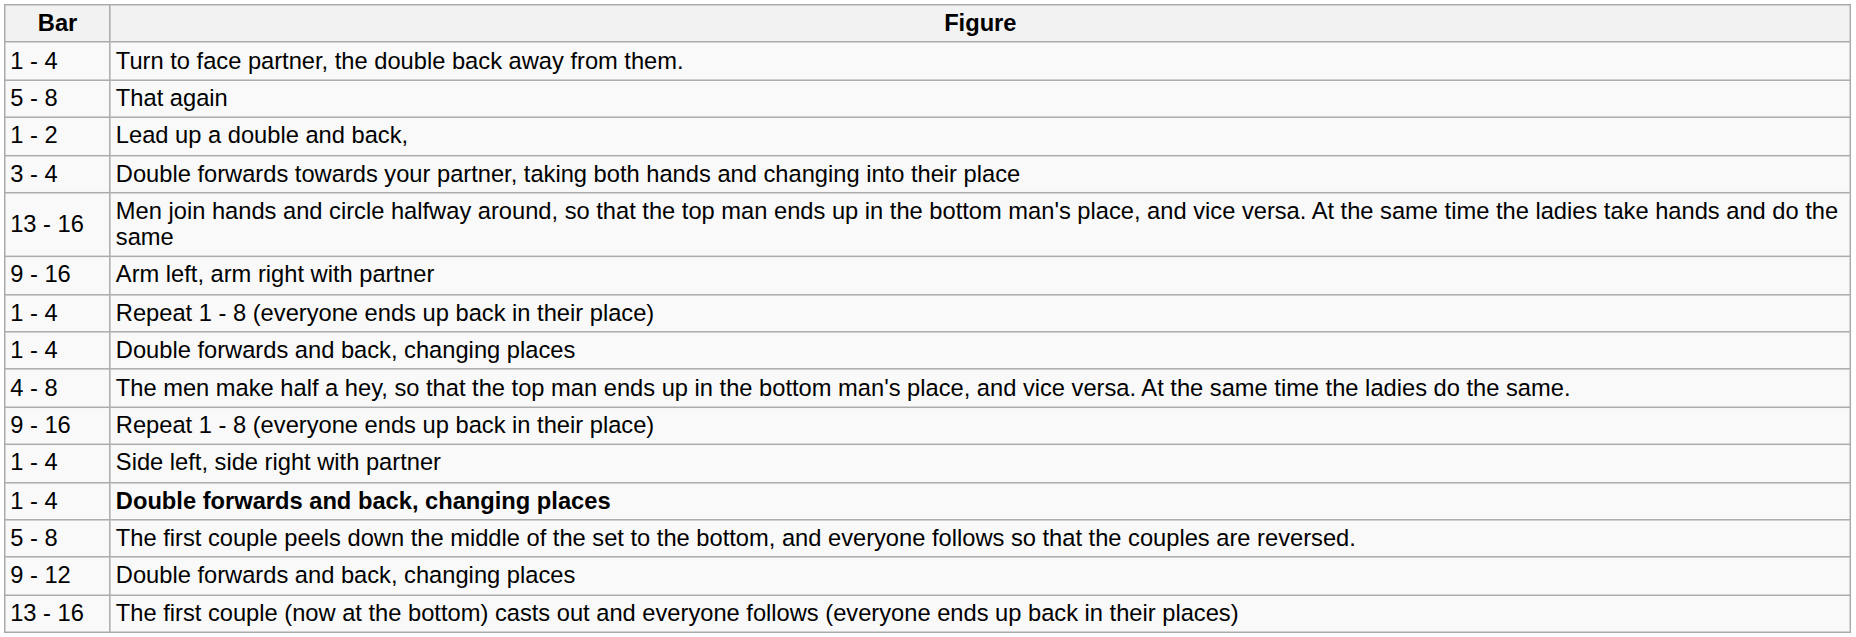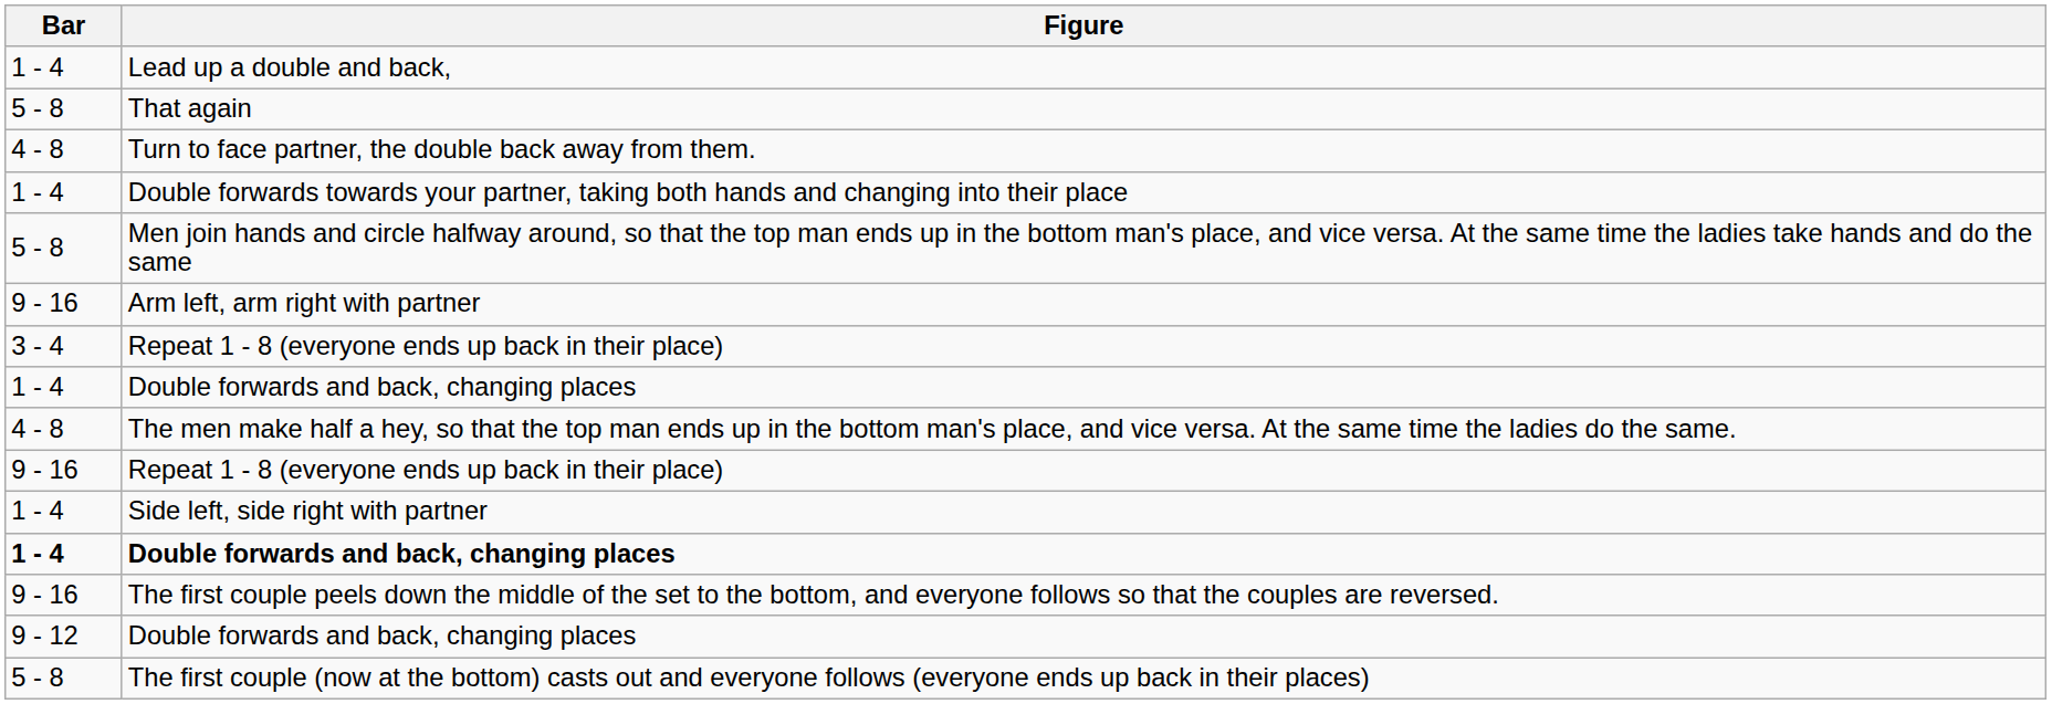 <table class="wikitable">
 <tr>
 <th scope="col" style="width: 4em;">Bar</th>
 <th>Figure</th>
 </tr>
 <tr>
 <td>1 - 4</td>
-<td>Turn to face partner, the double back away from them.</td>
+<td>Lead up a double and back,</td>
 </tr>
 <tr>
 <td>5 - 8</td>
 <td>That again</td>
 </tr>
 <tr>
-<td>1 - 2</td>
-<td>Lead up a double and back,</td>
+<td>4 - 8</td>
+<td>Turn to face partner, the double back away from them.</td>
 </tr>
 <tr>
-<td>3 - 4</td>
+<td>1 - 4</td>
 <td>Double forwards towards your partner, taking both hands and changing into their place</td>
 </tr>
 <tr>
-<td>13 - 16</td>
+<td>5 - 8</td>
 <td>Men join hands and circle halfway around, so that the  top man ends up in the bottom man's place, and vice versa. At the same time the ladies take hands and do the same</td>
 </tr>
 <tr>
 <td>9 - 16</td>
 <td>Arm left, arm right with partner</td>
 </tr>
 <tr>
-<td>1 - 4</td>
+<td>3 - 4</td>
 <td>Repeat 1 - 8 (everyone ends up back in their place)</td>
 </tr>
 <tr>
 <td>1 - 4</td>
 <td>Double forwards and back, changing places</td>
 </tr>
 <tr>
 <td>4 - 8</td>
 <td>The men make half a hey, so that the top man ends up in the bottom man's place, and vice versa. At the same time the ladies do the same.</td>
 </tr>
 <tr>
 <td>9 - 16</td>
 <td>Repeat 1 - 8 (everyone ends up back in their place)</td>
 </tr>
 <tr>
 <td>1 - 4</td>
 <td>Side left, side right with partner</td>
 </tr>
 <tr>
-<td>1 - 4</td>
+<td><strong>1 - 4</strong></td>
 <td><strong>Double forwards and back, changing places</strong></td>
 </tr>
 <tr>
-<td>5 - 8</td>
+<td>9 - 16</td>
 <td>The first couple peels down the middle of the set to the bottom, and everyone follows so that the couples are reversed.</td>
 </tr>
 <tr>
 <td>9 - 12</td>
 <td>Double forwards and back, changing places</td>
 </tr>
 <tr>
-<td>13 - 16</td>
+<td>5 - 8</td>
 <td>The first couple (now at the bottom) casts out and everyone follows (everyone ends up back in their places)</td>
 </tr>
 </table>
